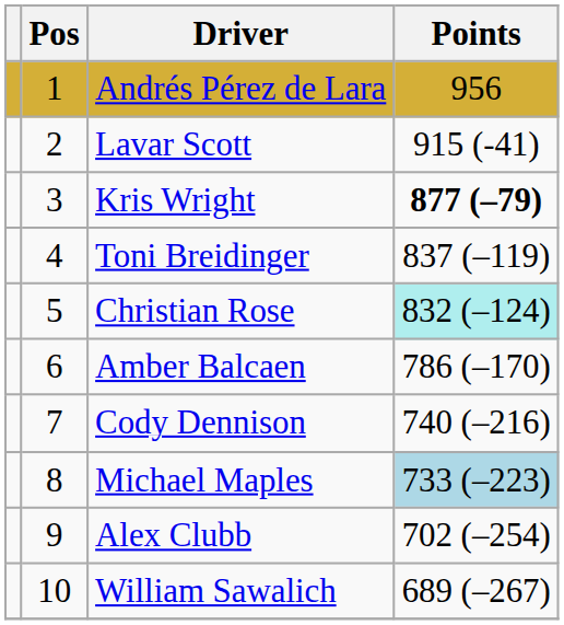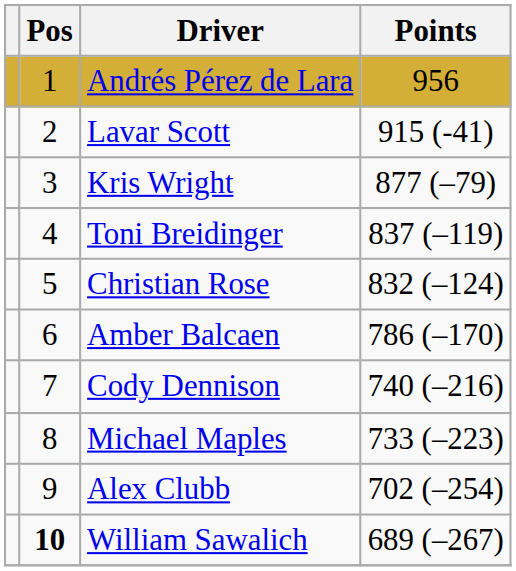 <table class="wikitable" style="font-size: 95%;">
 <tr>
 <th></th>
 <th>Pos</th>
 <th>Driver</th>
 <th>Points</th>
 </tr>
 <tr style="background:#D4AF37;">
 <td align="left"></td>
 <td style="text-align:center;">1</td>
 <td><a href='#'>Andrés Pérez de Lara</a></td>
 <td style="text-align:center;">956</td>
 </tr>
 <tr>
 <td align="left"></td>
 <td style="text-align:center;">2</td>
 <td><a href='#'>Lavar Scott</a></td>
 <td style="text-align:center;">915 (-41)</td>
 </tr>
 <tr>
 <td align="left"></td>
 <td style="text-align:center;">3</td>
 <td><a href='#'>Kris Wright</a></td>
-<td style="text-align:center;"><strong>877 (–79)</strong></td>
+<td style="text-align:center;">877 (–79)</td>
 </tr>
 <tr>
 <td align="left"></td>
 <td style="text-align:center;">4</td>
 <td><a href='#'>Toni Breidinger</a></td>
 <td style="text-align:center;">837 (–119)</td>
 </tr>
 <tr>
 <td align="left"></td>
 <td style="text-align:center;">5</td>
 <td><a href='#'>Christian Rose</a></td>
-<td style="background: paleturquoise; text-align:center;">832 (–124)</td>
+<td style="text-align:center;">832 (–124)</td>
 </tr>
 <tr>
 <td align="left"></td>
 <td style="text-align:center;">6</td>
 <td><a href='#'>Amber Balcaen</a></td>
 <td style="text-align:center;">786 (–170)</td>
 </tr>
 <tr>
 <td align="left"></td>
 <td style="text-align:center;">7</td>
 <td><a href='#'>Cody Dennison</a></td>
 <td style="text-align:center;">740 (–216)</td>
 </tr>
 <tr>
 <td align="left"></td>
 <td style="text-align:center;">8</td>
 <td><a href='#'>Michael Maples</a></td>
-<td style="background: lightblue; text-align:center;">733 (–223)</td>
+<td style="text-align:center;">733 (–223)</td>
 </tr>
 <tr>
 <td align="left"></td>
 <td style="text-align:center;">9</td>
 <td><a href='#'>Alex Clubb</a></td>
 <td style="text-align:center;">702 (–254)</td>
 </tr>
 <tr>
 <td align="left"></td>
-<td style="text-align:center;">10</td>
+<td style="text-align:center;"><strong>10</strong></td>
 <td><a href='#'>William Sawalich</a></td>
 <td style="text-align:center;">689 (–267)</td>
 </tr>
 <tr class="sortbottom">
 </tr>
 </table>
